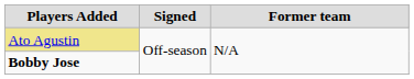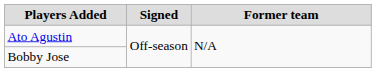 <table class="wikitable sortable sortable">
 <tr align="center" bgcolor="#dddddd">
 <td style="width:140px"><strong>Players Added</strong></td>
 <td style="width:70px"><strong>Signed</strong></td>
 <td style="width:210px"><strong>Former team</strong></td>
 </tr>
 <tr>
-<td style="background: khaki;"><a href='#'>Ato Agustin</a></td>
+<td><a href='#'>Ato Agustin</a></td>
 <td rowspan="2">Off-season</td>
 <td rowspan="2">N/A</td>
 </tr>
 <tr>
-<td><strong>Bobby Jose</strong></td>
+<td>Bobby Jose</td>
 </tr>
 </table>
